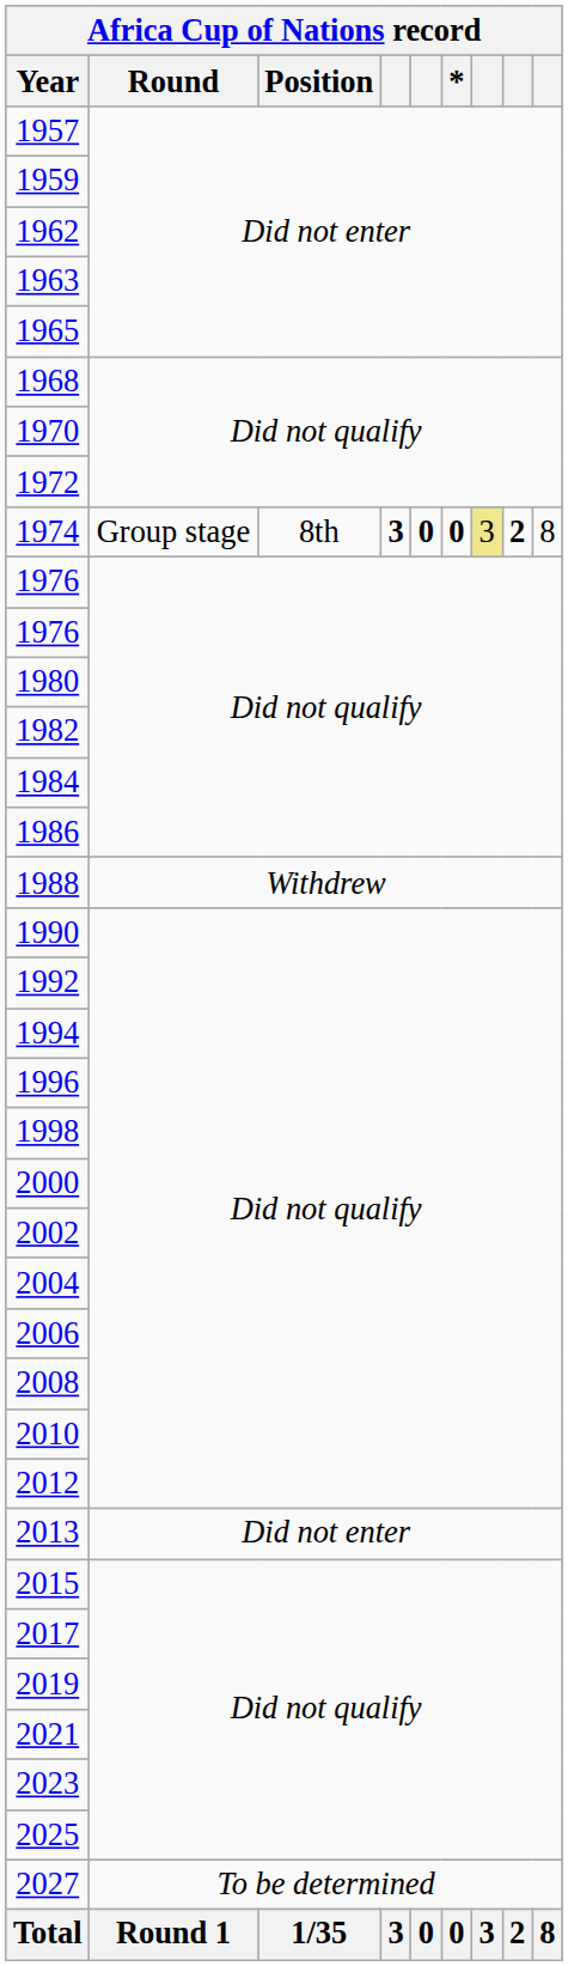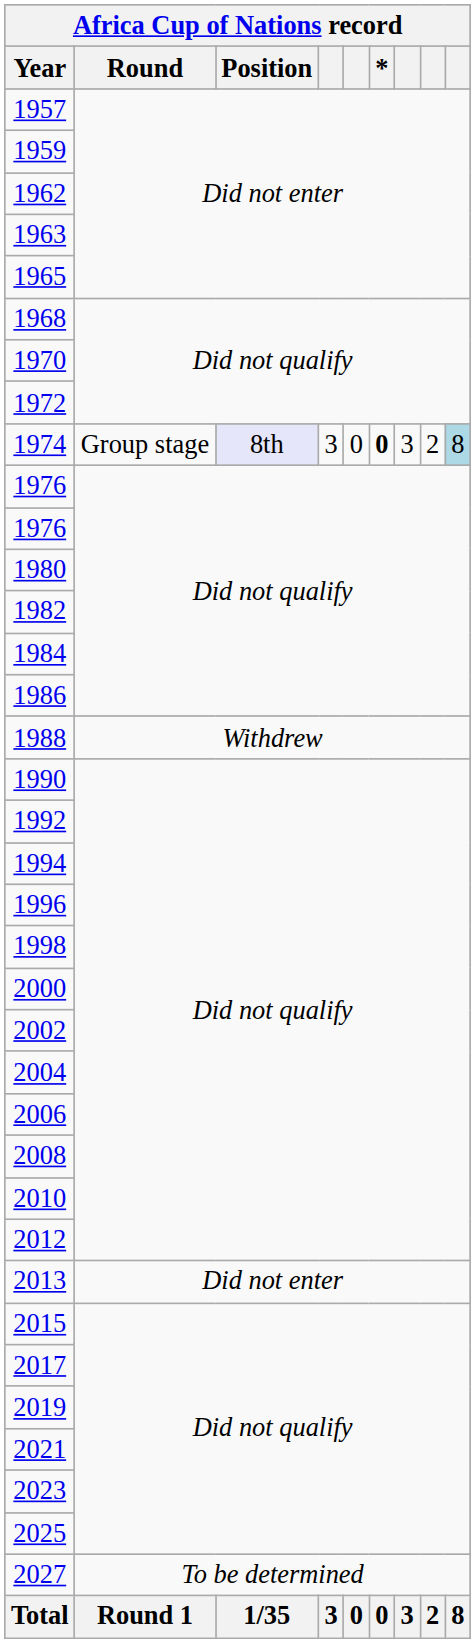 <table class="wikitable" style="text-align: center;">
 <tr>
 <th colspan=9><a href='#'>Africa Cup of Nations</a> record</th>
 </tr>
 <tr>
 <th>Year</th>
 <th>Round</th>
 <th>Position</th>
 <th></th>
 <th></th>
 <th>*</th>
 <th></th>
 <th></th>
 <th></th>
 </tr>
 <tr>
 <td> <a href='#'>1957</a></td>
 <td colspan=8 rowspan=5><em>Did not enter</em></td>
 </tr>
 <tr>
 <td> <a href='#'>1959</a></td>
 </tr>
 <tr>
 <td> <a href='#'>1962</a></td>
 </tr>
 <tr>
 <td> <a href='#'>1963</a></td>
 </tr>
 <tr>
 <td> <a href='#'>1965</a></td>
 </tr>
 <tr>
 <td> <a href='#'>1968</a></td>
 <td colspan=8 rowspan=3><em>Did not qualify</em></td>
 </tr>
 <tr>
 <td> <a href='#'>1970</a></td>
 </tr>
 <tr>
 <td> <a href='#'>1972</a></td>
 </tr>
 <tr>
 <td> <a href='#'>1974</a></td>
 <td>Group stage</td>
-<td>8th</td>
-<td><strong>3</strong></td>
+<td style="background: lavender;">8th</td>
+<td>3</td>
+<td>0</td>
 <td><strong>0</strong></td>
-<td><strong>0</strong></td>
-<td style="background: khaki;">3</td>
-<td><strong>2</strong></td>
-<td>8</td>
+<td>3</td>
+<td>2</td>
+<td style="background: lightblue;">8</td>
 </tr>
 <tr>
 <td> <a href='#'>1976</a></td>
 <td colspan=8 rowspan=6><em>Did not qualify</em></td>
 </tr>
 <tr>
 <td> <a href='#'>1976</a></td>
 </tr>
 <tr>
 <td> <a href='#'>1980</a></td>
 </tr>
 <tr>
 <td> <a href='#'>1982</a></td>
 </tr>
 <tr>
 <td> <a href='#'>1984</a></td>
 </tr>
 <tr>
 <td> <a href='#'>1986</a></td>
 </tr>
 <tr>
 <td> <a href='#'>1988</a></td>
 <td colspan=8><em>Withdrew</em></td>
 </tr>
 <tr>
 <td> <a href='#'>1990</a></td>
 <td colspan=8 rowspan=12><em>Did not qualify</em></td>
 </tr>
 <tr>
 <td> <a href='#'>1992</a></td>
 </tr>
 <tr>
 <td> <a href='#'>1994</a></td>
 </tr>
 <tr>
 <td> <a href='#'>1996</a></td>
 </tr>
 <tr>
 <td> <a href='#'>1998</a></td>
 </tr>
 <tr>
 <td>  <a href='#'>2000</a></td>
 </tr>
 <tr>
 <td> <a href='#'>2002</a></td>
 </tr>
 <tr>
 <td> <a href='#'>2004</a></td>
 </tr>
 <tr>
 <td> <a href='#'>2006</a></td>
 </tr>
 <tr>
 <td> <a href='#'>2008</a></td>
 </tr>
 <tr>
 <td> <a href='#'>2010</a></td>
 </tr>
 <tr>
 <td>  <a href='#'>2012</a></td>
 </tr>
 <tr>
 <td> <a href='#'>2013</a></td>
 <td colspan=8><em>Did not enter</em></td>
 </tr>
 <tr>
 <td> <a href='#'>2015</a></td>
 <td rowspan=6 colspan=8><em>Did not qualify</em></td>
 </tr>
 <tr>
 <td> <a href='#'>2017</a></td>
 </tr>
 <tr>
 <td> <a href='#'>2019</a></td>
 </tr>
 <tr>
 <td> <a href='#'>2021</a></td>
 </tr>
 <tr>
 <td> <a href='#'>2023</a></td>
 </tr>
 <tr>
 <td> <a href='#'>2025</a></td>
 </tr>
 <tr>
 <td>   <a href='#'>2027</a></td>
 <td colspan=8><em>To be determined</em></td>
 </tr>
 <tr>
 <th>Total</th>
 <th>Round 1</th>
 <th>1/35</th>
 <th>3</th>
 <th>0</th>
 <th>0</th>
 <th>3</th>
 <th>2</th>
 <th>8</th>
 </tr>
 </table>
